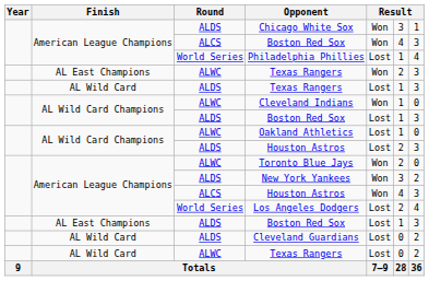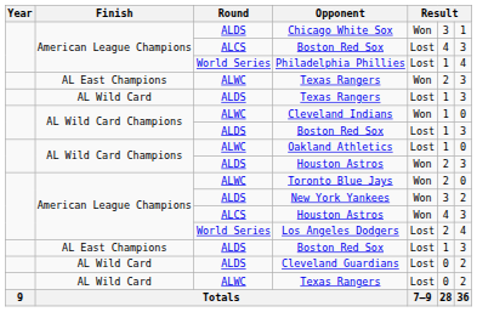 <table class="wikitable">
 <tr>
 <th colspan=1>Year</th>
 <th colspan=1>Finish</th>
 <th colspan=1>Round</th>
 <th colspan=1>Opponent</th>
 <th colspan=3>Result</th>
 </tr>
 <tr>
 <td align="center" rowspan="3"></td>
 <td align="center" rowspan="3">American League Champions</td>
 <td align="center"><a href='#'>ALDS</a></td>
 <td align="center"><a href='#'>Chicago White Sox</a></td>
 <td align="center">Won</td>
 <td align="center">3</td>
 <td align="center">1</td>
 </tr>
 <tr>
 <td align="center"><a href='#'>ALCS</a></td>
 <td align="center"><a href='#'>Boston Red Sox</a></td>
-<td align="center">Won</td>
+<td align="center">Lost</td>
 <td align="center">4</td>
 <td align="center">3</td>
 </tr>
 <tr>
 <td align="center"><a href='#'>World Series</a></td>
 <td align="center"><a href='#'>Philadelphia Phillies</a></td>
 <td align="center">Lost</td>
 <td align="center">1</td>
 <td align="center">4</td>
 </tr>
 <tr>
 <td align="center" rowspan="1"></td>
 <td align="center" rowspan="1">AL East Champions</td>
 <td align="center"><a href='#'>ALWC</a></td>
 <td align="center"><a href='#'>Texas Rangers</a></td>
 <td align="center">Won</td>
 <td align="center">2</td>
 <td align="center">3</td>
 </tr>
 <tr>
 <td align="center" rowspan="1"></td>
 <td align="center" rowspan="1">AL Wild Card</td>
 <td align="center"><a href='#'>ALDS</a></td>
 <td align="center"><a href='#'>Texas Rangers</a></td>
 <td align="center">Lost</td>
 <td align="center">1</td>
 <td align="center">3</td>
 </tr>
 <tr>
 <td align="center" rowspan="2"></td>
 <td align="center" rowspan="2">AL Wild Card Champions</td>
 <td align="center"><a href='#'>ALWC</a></td>
 <td align="center"><a href='#'>Cleveland Indians</a></td>
 <td align="center">Won</td>
 <td align="center">1</td>
 <td align="center">0</td>
 </tr>
 <tr>
 <td align="center"><a href='#'>ALDS</a></td>
 <td align="center"><a href='#'>Boston Red Sox</a></td>
 <td align="center">Lost</td>
 <td align="center">1</td>
 <td align="center">3</td>
 </tr>
 <tr>
 <td align="center" rowspan="2"></td>
 <td align="center" rowspan="2">AL Wild Card Champions</td>
 <td align="center"><a href='#'>ALWC</a></td>
 <td align="center"><a href='#'>Oakland Athletics</a></td>
 <td align="center">Lost</td>
 <td align="center">1</td>
 <td align="center">0</td>
 </tr>
 <tr>
 <td align="center"><a href='#'>ALDS</a></td>
 <td align="center"><a href='#'>Houston Astros</a></td>
-<td align="center">Lost</td>
+<td align="center">Won</td>
 <td align="center">2</td>
 <td align="center">3</td>
 </tr>
 <tr>
 <td align="center" rowspan="4"></td>
 <td align="center" rowspan="4">American League Champions</td>
 <td align="center"><a href='#'>ALWC</a></td>
 <td align="center"><a href='#'>Toronto Blue Jays</a></td>
 <td align="center">Won</td>
 <td align="center">2</td>
 <td align="center">0</td>
 </tr>
 <tr>
 <td align="center"><a href='#'>ALDS</a></td>
 <td align="center"><a href='#'>New York Yankees</a></td>
 <td align="center">Won</td>
 <td align="center">3</td>
 <td align="center">2</td>
 </tr>
 <tr>
 <td align="center"><a href='#'>ALCS</a></td>
 <td align="center"><a href='#'>Houston Astros</a></td>
 <td align="center">Won</td>
 <td align="center">4</td>
 <td align="center">3</td>
 </tr>
 <tr>
 <td align="center"><a href='#'>World Series</a></td>
 <td align="center"><a href='#'>Los Angeles Dodgers</a></td>
 <td align="center">Lost</td>
 <td align="center">2</td>
 <td align="center">4</td>
 </tr>
 <tr>
 <td align="center" rowspan="1"></td>
 <td align="center" rowspan="1">AL East Champions</td>
 <td align="center"><a href='#'>ALDS</a></td>
 <td align="center"><a href='#'>Boston Red Sox</a></td>
 <td align="center">Lost</td>
 <td align="center">1</td>
 <td align="center">3</td>
 </tr>
 <tr>
 <td align="center" rowspan="1"></td>
 <td align="center" rowspan="1">AL Wild Card</td>
 <td align="center"><a href='#'>ALDS</a></td>
 <td align="center"><a href='#'>Cleveland Guardians</a></td>
 <td align="center">Lost</td>
 <td align="center">0</td>
 <td align="center">2</td>
 </tr>
 <tr>
 <td align="center" rowspan="1"></td>
 <td align="center" rowspan="1">AL Wild Card</td>
 <td align="center"><a href='#'>ALWC</a></td>
 <td align="center"><a href='#'>Texas Rangers</a></td>
 <td align="center">Lost</td>
 <td align="center">0</td>
 <td align="center">2</td>
 </tr>
 <tr>
 <th align="center">9</th>
 <th colspan="3">Totals</th>
 <th>7–9</th>
 <th>28</th>
 <th>36</th>
 </tr>
 </table>
